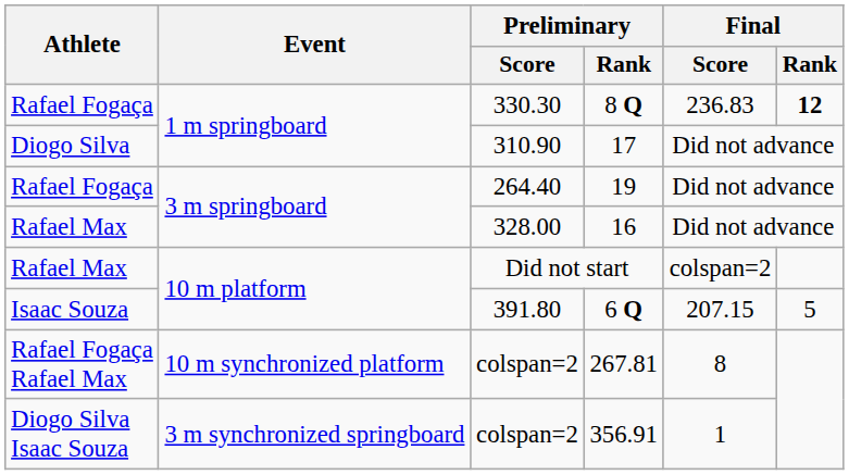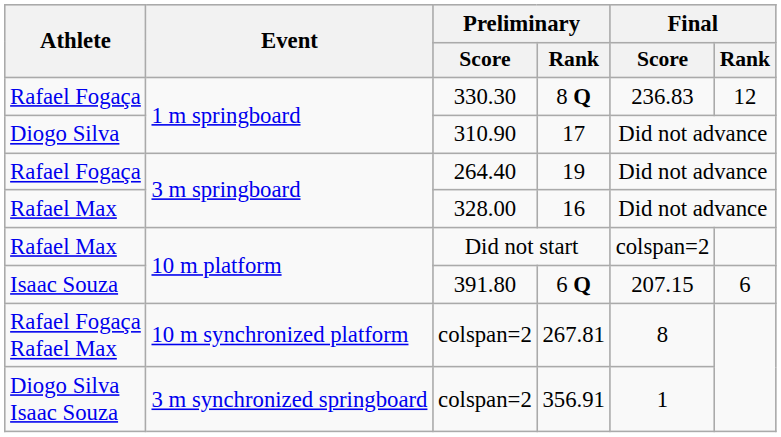 <table class=wikitable style=font-size:90%;text-align:center>
 <tr>
 <th rowspan=2>Athlete</th>
 <th rowspan=2>Event</th>
 <th colspan=2>Preliminary</th>
 <th colspan=2>Final</th>
 </tr>
 <tr style=font-size:95%>
 <th>Score</th>
 <th>Rank</th>
 <th>Score</th>
 <th>Rank</th>
 </tr>
 <tr>
 <td align="left"><a href='#'>Rafael Fogaça</a></td>
 <td align="left" rowspan=2><a href='#'>1 m springboard</a></td>
 <td>330.30</td>
 <td>8 <strong>Q</strong></td>
 <td>236.83</td>
-<td><strong>12</strong></td>
+<td>12</td>
 </tr>
 <tr>
 <td align="left"><a href='#'>Diogo Silva</a></td>
 <td>310.90</td>
 <td>17</td>
 <td colspan=2>Did not advance</td>
 </tr>
 <tr>
 <td align="left"><a href='#'>Rafael Fogaça</a></td>
 <td align="left" rowspan=2><a href='#'>3 m springboard</a></td>
 <td>264.40</td>
 <td>19</td>
 <td colspan=2>Did not advance</td>
 </tr>
 <tr>
 <td align="left"><a href='#'>Rafael Max</a></td>
 <td>328.00</td>
 <td>16</td>
 <td colspan=2>Did not advance</td>
 </tr>
 <tr>
 <td align="left"><a href='#'>Rafael Max</a></td>
 <td align="left" rowspan=2><a href='#'>10 m platform</a></td>
 <td colspan=2>Did not start</td>
 <td>colspan=2 </td>
 </tr>
 <tr>
 <td align="left"><a href='#'>Isaac Souza</a></td>
 <td>391.80</td>
 <td>6 <strong>Q</strong></td>
 <td>207.15</td>
-<td>5</td>
+<td>6</td>
 </tr>
 <tr>
 <td align="left"><a href='#'>Rafael Fogaça</a><br><a href='#'>Rafael Max</a></td>
 <td align="left"><a href='#'>10 m synchronized platform</a></td>
 <td>colspan=2 </td>
 <td>267.81</td>
 <td>8</td>
 </tr>
 <tr>
 <td align="left"><a href='#'>Diogo Silva</a><br><a href='#'>Isaac Souza</a></td>
 <td align="left"><a href='#'>3 m synchronized springboard</a></td>
 <td>colspan=2 </td>
 <td>356.91</td>
 <td>1</td>
 </tr>
 </table>
